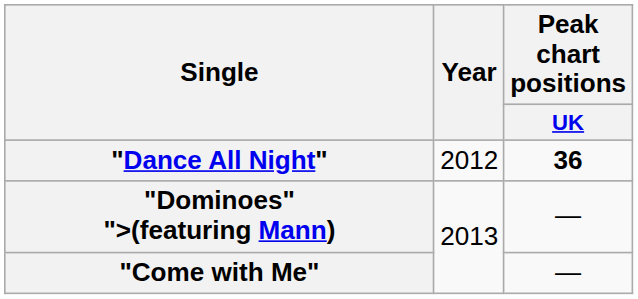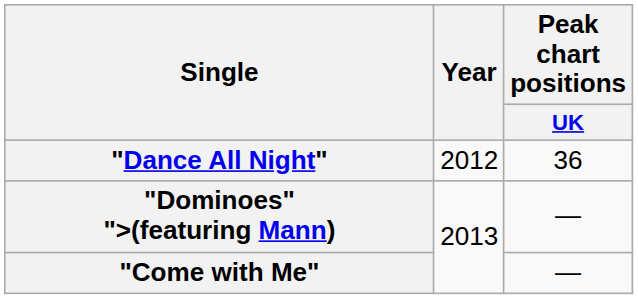 <table class="wikitable plainrowheaders" style="text-align:center;" border="1">
 <tr>
 <th scope="colw" rowspan="2" style="width:16em;">Single</th>
 <th scope="col" rowspan="2">Year</th>
 <th scope="col" colspan="1">Peak chart positions</th>
 </tr>
 <tr>
 <th scope="col" style="width:3em;font-size:85%;"><a href='#'>UK</a></th>
 </tr>
 <tr>
 <th scope="row">"<a href='#'>Dance All Night</a>"</th>
 <td>2012</td>
-<td><strong>36</strong></td>
+<td>36</td>
 </tr>
 <tr>
 <th scope="row">"Dominoes"<br><span>">(featuring <a href='#'>Mann</a>)</span></th>
 <td rowspan="2">2013</td>
 <td>—</td>
 </tr>
 <tr>
 <th scope="row">"Come with Me"</th>
 <td>—</td>
 </tr>
 </table>
